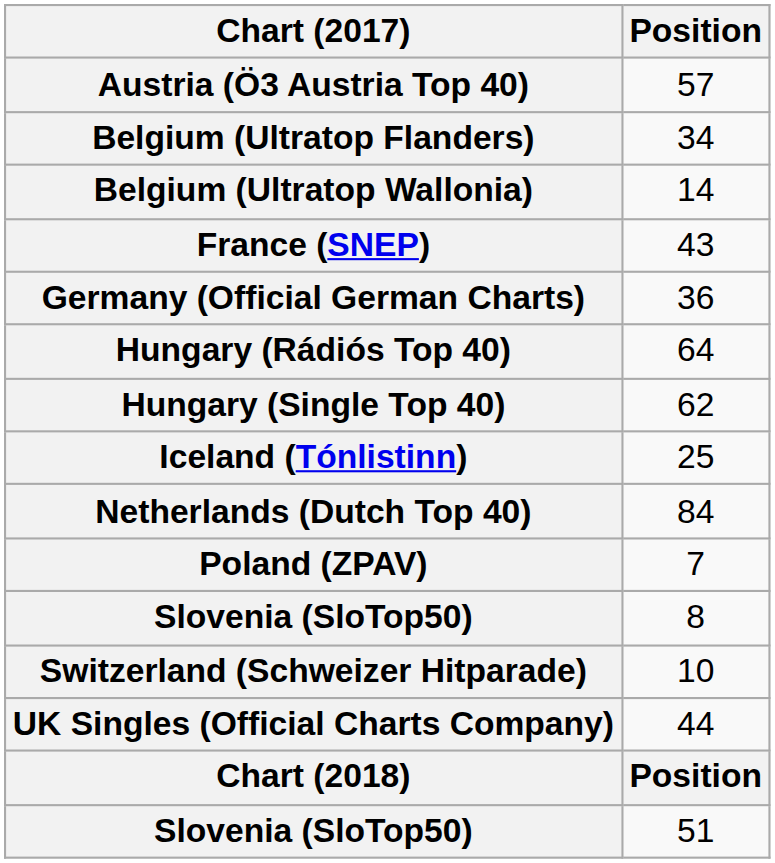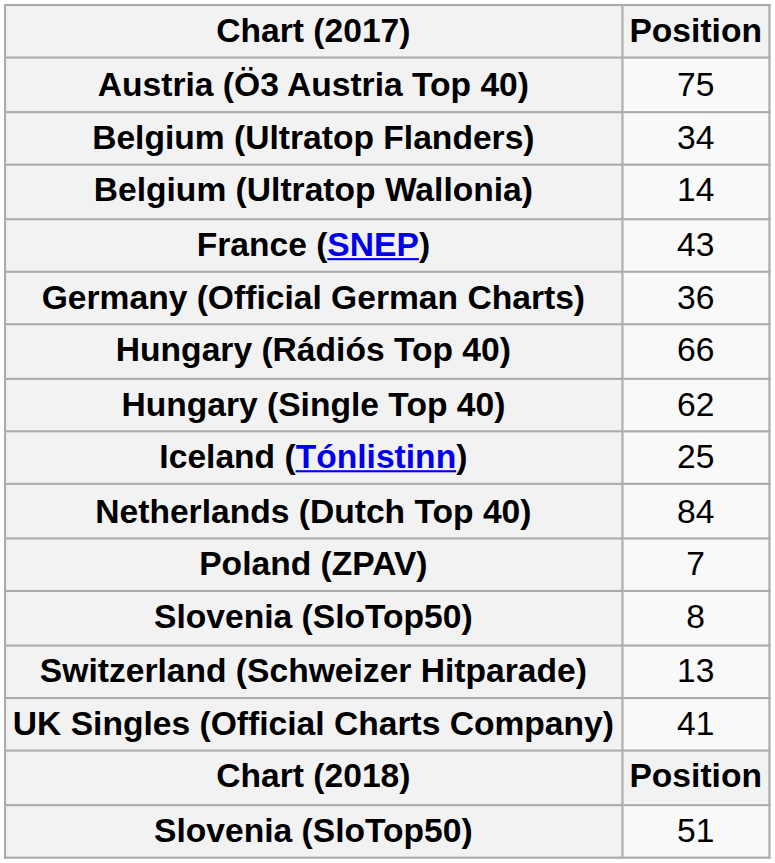 <table class="wikitable sortable plainrowheaders" style="text-align:center">
 <tr>
 <th scope="col">Chart (2017)</th>
 <th scope="col">Position</th>
 </tr>
 <tr>
 <th scope="row">Austria (Ö3 Austria Top 40)</th>
-<td>57</td>
+<td>75</td>
 </tr>
 <tr>
 <th scope="row">Belgium (Ultratop Flanders)</th>
 <td>34</td>
 </tr>
 <tr>
 <th scope="row">Belgium (Ultratop Wallonia)</th>
 <td>14</td>
 </tr>
 <tr>
 <th scope="row">France (<a href='#'>SNEP</a>)</th>
 <td>43</td>
 </tr>
 <tr>
 <th scope="row">Germany (Official German Charts)</th>
 <td>36</td>
 </tr>
 <tr>
 <th scope="row">Hungary (Rádiós Top 40)</th>
-<td>64</td>
+<td>66</td>
 </tr>
 <tr>
 <th scope="row">Hungary (Single Top 40)</th>
 <td>62</td>
 </tr>
 <tr>
 <th scope="row">Iceland (<a href='#'>Tónlistinn</a>)</th>
 <td>25</td>
 </tr>
 <tr>
 <th scope="row">Netherlands (Dutch Top 40)</th>
 <td>84</td>
 </tr>
 <tr>
 <th scope="row">Poland (ZPAV)</th>
 <td>7</td>
 </tr>
 <tr>
 <th scope="row">Slovenia (SloTop50)</th>
 <td>8</td>
 </tr>
 <tr>
 <th scope="row">Switzerland (Schweizer Hitparade)</th>
-<td>10</td>
+<td>13</td>
 </tr>
 <tr>
 <th scope="row">UK Singles (Official Charts Company)</th>
-<td>44</td>
+<td>41</td>
 </tr>
 <tr>
 <th scope="col">Chart (2018)</th>
 <th scope="col">Position</th>
 </tr>
 <tr>
 <th scope="row">Slovenia (SloTop50)</th>
 <td>51</td>
 </tr>
 </table>
